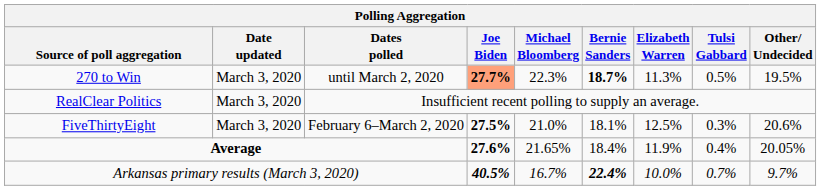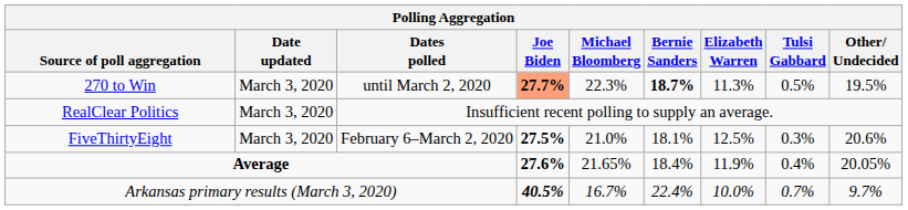 <table class="wikitable" style="font-size:90%;text-align:center;">
 <tr style="vertical-align:bottom; font-size:90%;">
 <th colspan= 12>Polling Aggregation</th>
 </tr>
 <tr style="vertical-align:bottom; font-size:90%;">
 <th style="width:200px;">Source of poll aggregation</th>
 <th>Date<br>updated</th>
 <th>Dates<br>polled</th>
 <th><a href='#'>Joe<br>Biden</a></th>
 <th><a href='#'>Michael<br>Bloomberg</a></th>
 <th><a href='#'>Bernie<br>Sanders</a></th>
 <th><a href='#'>Elizabeth<br>Warren</a></th>
 <th><a href='#'>Tulsi<br>Gabbard</a></th>
 <th>Other/<br>Undecided</th>
 </tr>
 <tr>
 <td><a href='#'>270 to Win</a></td>
 <td>March 3, 2020</td>
 <td>until March 2, 2020</td>
 <td style="background: lightsalmon;"><strong>27.7%</strong></td>
 <td>22.3%</td>
 <td><strong>18.7%</strong></td>
 <td>11.3%</td>
 <td>0.5%</td>
 <td>19.5%</td>
 </tr>
 <tr>
 <td><a href='#'>RealClear Politics</a></td>
 <td>March 3, 2020</td>
 <td colspan=7>Insufficient recent polling to supply an average.</td>
 </tr>
 <tr>
 <td><a href='#'>FiveThirtyEight</a></td>
 <td>March 3, 2020</td>
 <td>February 6–March 2, 2020</td>
 <td><strong>27.5%</strong></td>
 <td>21.0%</td>
 <td>18.1%</td>
 <td>12.5%</td>
 <td>0.3%</td>
 <td>20.6%</td>
 </tr>
 <tr>
 <td colspan=3><strong>Average</strong></td>
 <td><strong>27.6%</strong></td>
 <td>21.65%</td>
 <td>18.4%</td>
 <td>11.9%</td>
 <td>0.4%</td>
 <td>20.05%</td>
 </tr>
 <tr>
 <td colspan=3><em>Arkansas primary results (March 3, 2020)</em></td>
 <td><strong><em>40.5%</em></strong></td>
 <td><em>16.7%</em></td>
-<td><strong><em>22.4%</em></strong></td>
+<td><em>22.4%</em></td>
 <td><em>10.0%</em></td>
 <td><em>0.7%</em></td>
 <td><em>9.7%</em></td>
 </tr>
 </table>
